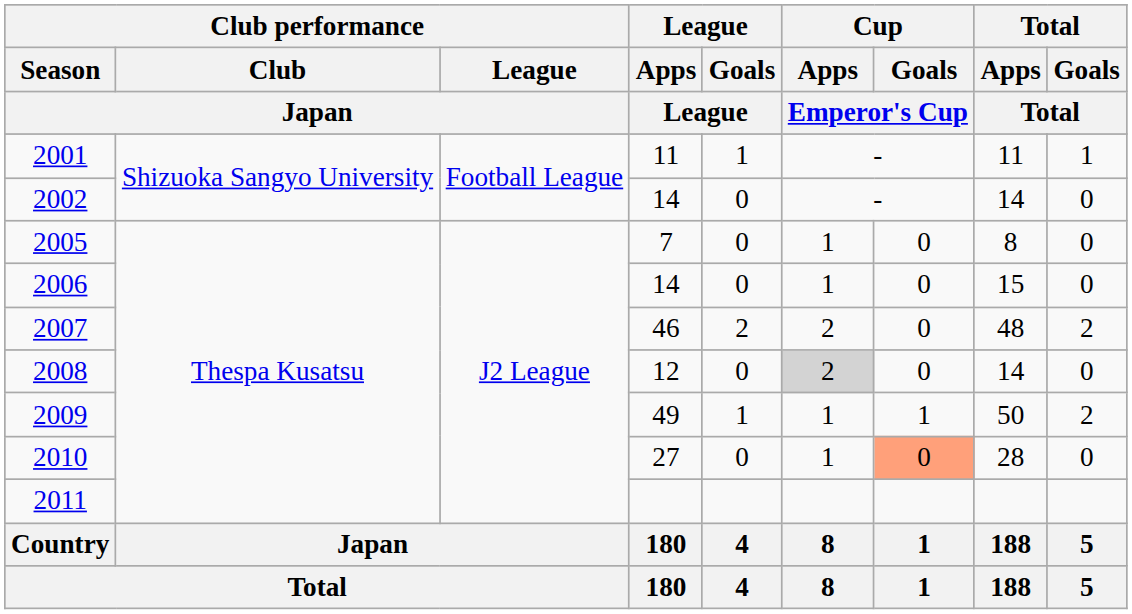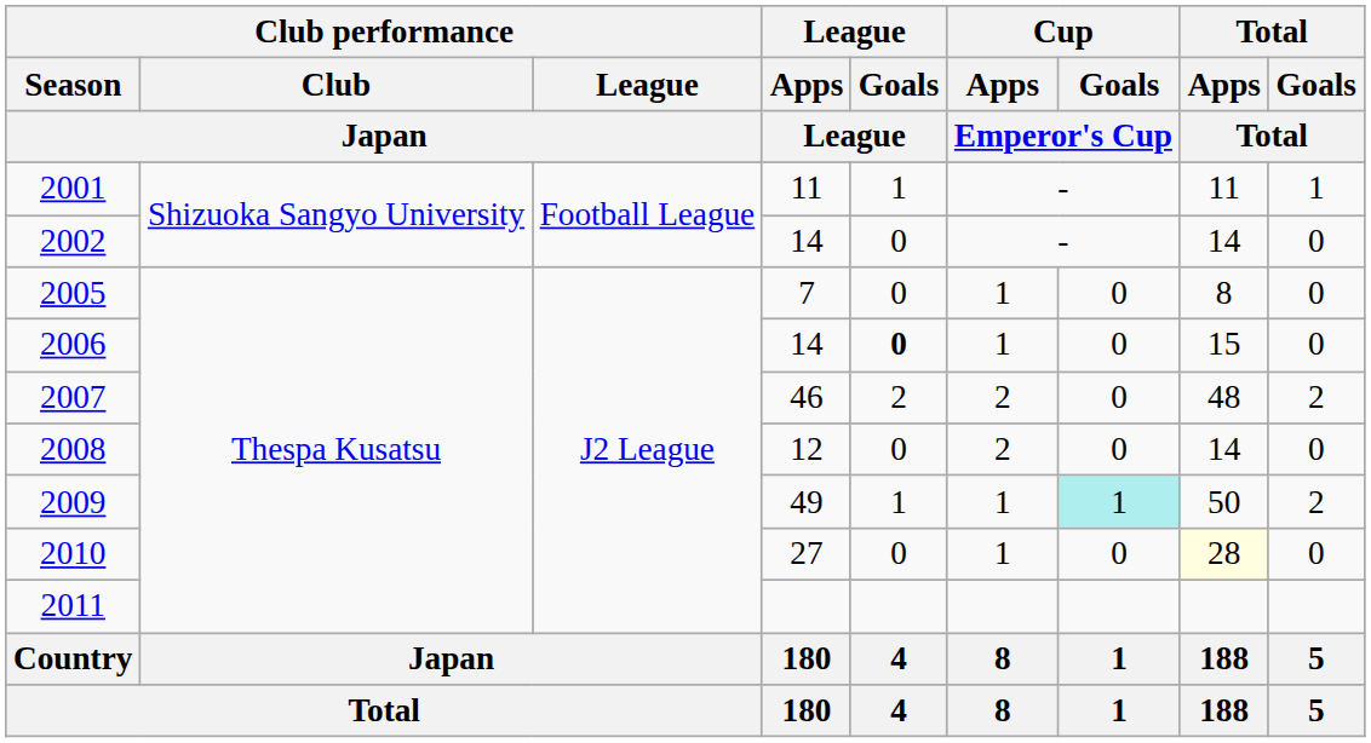 <table class="wikitable" style="text-align:center;">
 <tr>
 <th colspan=3>Club performance</th>
 <th colspan=2>League</th>
 <th colspan=2>Cup</th>
 <th colspan=2>Total</th>
 </tr>
 <tr>
 <th>Season</th>
 <th>Club</th>
 <th>League</th>
 <th>Apps</th>
 <th>Goals</th>
 <th>Apps</th>
 <th>Goals</th>
 <th>Apps</th>
 <th>Goals</th>
 </tr>
 <tr>
 <th colspan=3>Japan</th>
 <th colspan=2>League</th>
 <th colspan=2><a href='#'>Emperor's Cup</a></th>
 <th colspan=2>Total</th>
 </tr>
 <tr>
 <td><a href='#'>2001</a></td>
 <td rowspan="2"><a href='#'>Shizuoka Sangyo University</a></td>
 <td rowspan="2"><a href='#'>Football League</a></td>
 <td>11</td>
 <td>1</td>
 <td colspan="2">-</td>
 <td>11</td>
 <td>1</td>
 </tr>
 <tr>
 <td><a href='#'>2002</a></td>
 <td>14</td>
 <td>0</td>
 <td colspan="2">-</td>
 <td>14</td>
 <td>0</td>
 </tr>
 <tr>
 <td><a href='#'>2005</a></td>
 <td rowspan="7"><a href='#'>Thespa Kusatsu</a></td>
 <td rowspan="7"><a href='#'>J2 League</a></td>
 <td>7</td>
 <td>0</td>
 <td>1</td>
 <td>0</td>
 <td>8</td>
 <td>0</td>
 </tr>
 <tr>
 <td><a href='#'>2006</a></td>
 <td>14</td>
-<td>0</td>
+<td><strong>0</strong></td>
 <td>1</td>
 <td>0</td>
 <td>15</td>
 <td>0</td>
 </tr>
 <tr>
 <td><a href='#'>2007</a></td>
 <td>46</td>
 <td>2</td>
 <td>2</td>
 <td>0</td>
 <td>48</td>
 <td>2</td>
 </tr>
 <tr>
 <td><a href='#'>2008</a></td>
 <td>12</td>
 <td>0</td>
-<td style="background: lightgrey;">2</td>
+<td>2</td>
 <td>0</td>
 <td>14</td>
 <td>0</td>
 </tr>
 <tr>
 <td><a href='#'>2009</a></td>
 <td>49</td>
 <td>1</td>
 <td>1</td>
-<td>1</td>
+<td style="background: paleturquoise;">1</td>
 <td>50</td>
 <td>2</td>
 </tr>
 <tr>
 <td><a href='#'>2010</a></td>
 <td>27</td>
 <td>0</td>
 <td>1</td>
-<td style="background: lightsalmon;">0</td>
-<td>28</td>
+<td>0</td>
+<td style="background: lightyellow;">28</td>
 <td>0</td>
 </tr>
 <tr>
 <td><a href='#'>2011</a></td>
 <td></td>
 <td></td>
 <td></td>
 <td></td>
 <td></td>
 <td></td>
 </tr>
 <tr>
 <th rowspan=1>Country</th>
 <th colspan=2>Japan</th>
 <th>180</th>
 <th>4</th>
 <th>8</th>
 <th>1</th>
 <th>188</th>
 <th>5</th>
 </tr>
 <tr>
 <th colspan=3>Total</th>
 <th>180</th>
 <th>4</th>
 <th>8</th>
 <th>1</th>
 <th>188</th>
 <th>5</th>
 </tr>
 </table>
